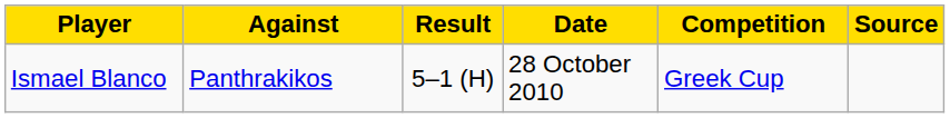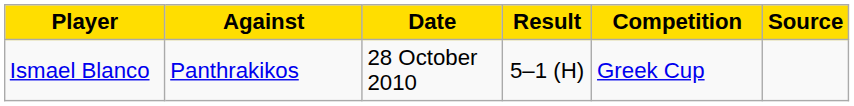 <table class="wikitable">
 <tr>
 <th width=200 style="background:#FFDE00">Player</th>
 <th width=200 style="background:#FFDE00">Against</th>
+<th width=150 style="background:#FFDE00">Date</th>
 <th width=70 style="background:#FFDE00">Result</th>
-<th width=150 style="background:#FFDE00">Date</th>
 <th width=150 style="background:#FFDE00">Competition</th>
 <th style="background:#FFDE00">Source</th>
 </tr>
 <tr>
 <td> <a href='#'>Ismael Blanco</a></td>
 <td> <a href='#'>Panthrakikos</a></td>
+<td>28 October 2010</td>
 <td align=center>5–1 (H)</td>
-<td>28 October 2010</td>
 <td><a href='#'>Greek Cup</a></td>
 <td align=center></td>
 </tr>
 </table>
